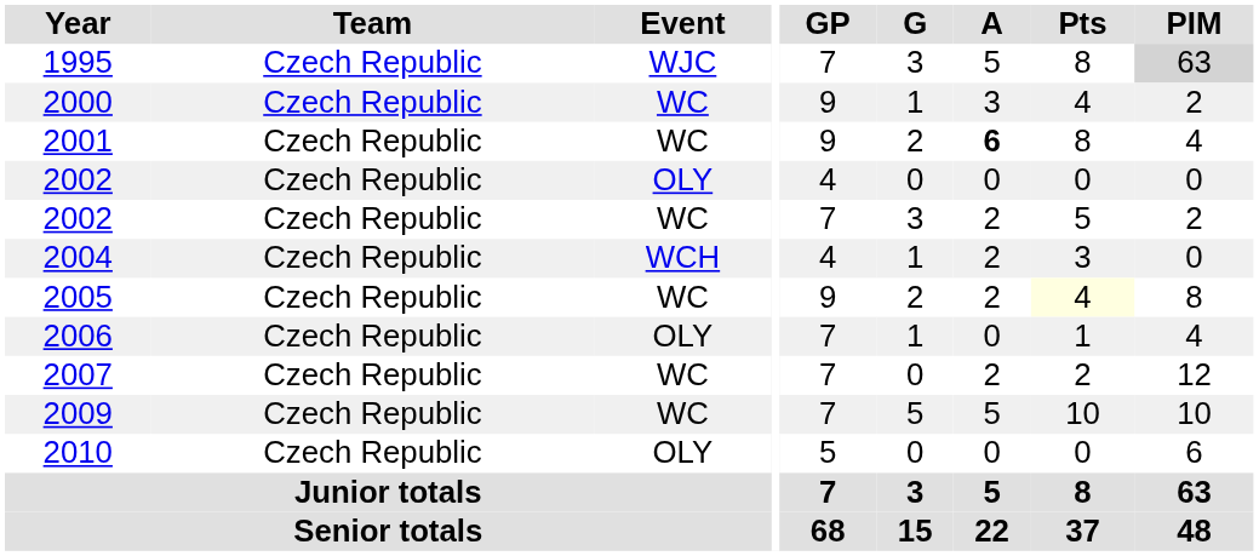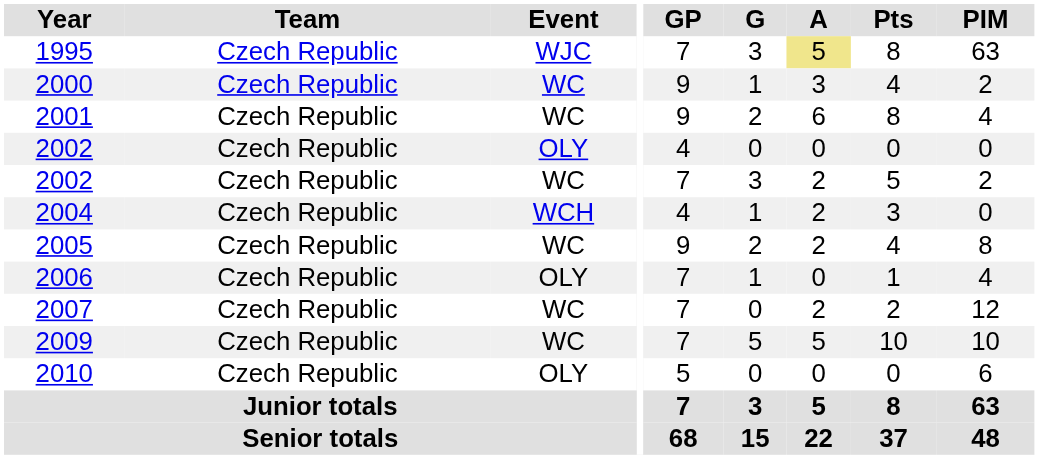 <table border="0" cellpadding="1" cellspacing="0" ID="Table3" style="text-align:center; width:40em">
 <tr bgcolor="#e0e0e0">
 <th>Year</th>
 <th>Team</th>
 <th>Event</th>
 <th rowspan="102" bgcolor="#ffffff"></th>
 <th>GP</th>
 <th>G</th>
 <th>A</th>
 <th>Pts</th>
 <th>PIM</th>
 </tr>
 <tr>
 <td><a href='#'>1995</a></td>
 <td><a href='#'>Czech Republic</a></td>
 <td><a href='#'>WJC</a></td>
 <td>7</td>
 <td>3</td>
-<td>5</td>
+<td style="background: khaki;">5</td>
 <td>8</td>
-<td style="background: lightgrey;">63</td>
+<td>63</td>
 </tr>
 <tr bgcolor="#f0f0f0">
 <td><a href='#'>2000</a></td>
 <td><a href='#'>Czech Republic</a></td>
 <td><a href='#'>WC</a></td>
 <td>9</td>
 <td>1</td>
 <td>3</td>
 <td>4</td>
 <td>2</td>
 </tr>
 <tr>
 <td><a href='#'>2001</a></td>
 <td>Czech Republic</td>
 <td>WC</td>
 <td>9</td>
 <td>2</td>
-<td><strong>6</strong></td>
+<td>6</td>
 <td>8</td>
 <td>4</td>
 </tr>
 <tr bgcolor="#f0f0f0">
 <td><a href='#'>2002</a></td>
 <td>Czech Republic</td>
 <td><a href='#'>OLY</a></td>
 <td>4</td>
 <td>0</td>
 <td>0</td>
 <td>0</td>
 <td>0</td>
 </tr>
 <tr>
 <td><a href='#'>2002</a></td>
 <td>Czech Republic</td>
 <td>WC</td>
 <td>7</td>
 <td>3</td>
 <td>2</td>
 <td>5</td>
 <td>2</td>
 </tr>
 <tr bgcolor="#f0f0f0">
 <td><a href='#'>2004</a></td>
 <td>Czech Republic</td>
 <td><a href='#'>WCH</a></td>
 <td>4</td>
 <td>1</td>
 <td>2</td>
 <td>3</td>
 <td>0</td>
 </tr>
 <tr>
 <td><a href='#'>2005</a></td>
 <td>Czech Republic</td>
 <td>WC</td>
 <td>9</td>
 <td>2</td>
 <td>2</td>
-<td style="background: lightyellow;">4</td>
+<td>4</td>
 <td>8</td>
 </tr>
 <tr bgcolor="#f0f0f0">
 <td><a href='#'>2006</a></td>
 <td>Czech Republic</td>
 <td>OLY</td>
 <td>7</td>
 <td>1</td>
 <td>0</td>
 <td>1</td>
 <td>4</td>
 </tr>
 <tr>
 <td><a href='#'>2007</a></td>
 <td>Czech Republic</td>
 <td>WC</td>
 <td>7</td>
 <td>0</td>
 <td>2</td>
 <td>2</td>
 <td>12</td>
 </tr>
 <tr bgcolor="#f0f0f0">
 <td><a href='#'>2009</a></td>
 <td>Czech Republic</td>
 <td>WC</td>
 <td>7</td>
 <td>5</td>
 <td>5</td>
 <td>10</td>
 <td>10</td>
 </tr>
 <tr>
 <td><a href='#'>2010</a></td>
 <td>Czech Republic</td>
 <td>OLY</td>
 <td>5</td>
 <td>0</td>
 <td>0</td>
 <td>0</td>
 <td>6</td>
 </tr>
 <tr bgcolor="#e0e0e0">
 <th colspan=3>Junior totals</th>
 <th>7</th>
 <th>3</th>
 <th>5</th>
 <th>8</th>
 <th>63</th>
 </tr>
 <tr bgcolor="#e0e0e0">
 <th colspan=3>Senior totals</th>
 <th>68</th>
 <th>15</th>
 <th>22</th>
 <th>37</th>
 <th>48</th>
 </tr>
 </table>
